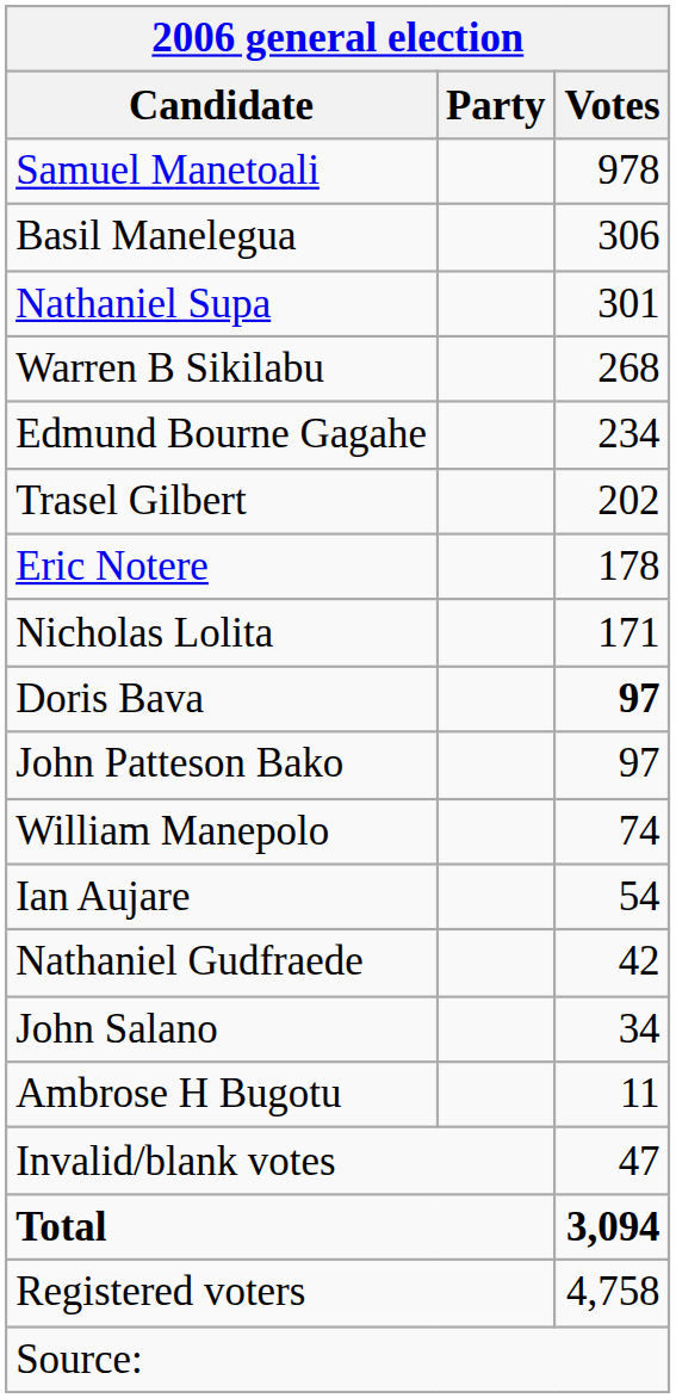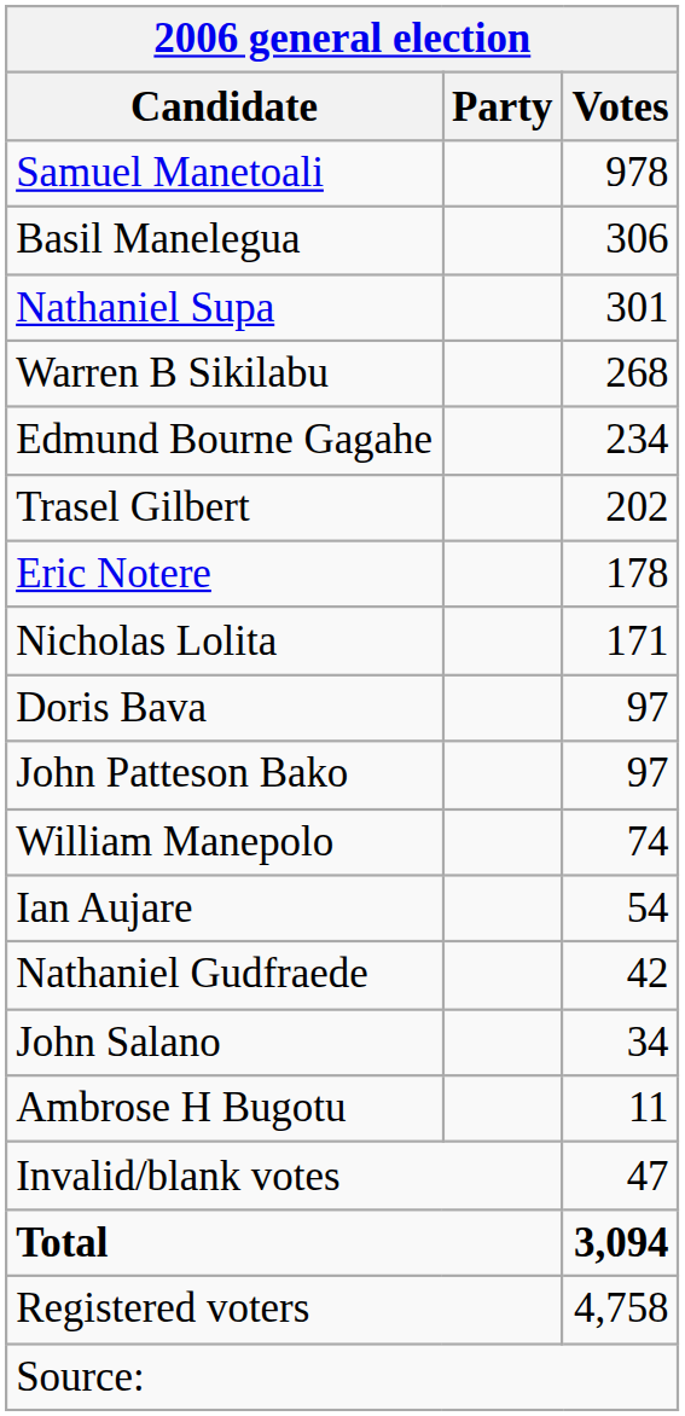 <table class=wikitable style=text-align:left>
 <tr>
 <th colspan=3><a href='#'>2006 general election</a></th>
 </tr>
 <tr>
 <th>Candidate</th>
 <th>Party</th>
 <th>Votes</th>
 </tr>
 <tr>
 <td><a href='#'>Samuel Manetoali</a></td>
 <td></td>
 <td align=right>978</td>
 </tr>
 <tr>
 <td>Basil Manelegua</td>
 <td></td>
 <td align=right>306</td>
 </tr>
 <tr>
 <td><a href='#'>Nathaniel Supa</a></td>
 <td></td>
 <td align=right>301</td>
 </tr>
 <tr>
 <td>Warren B Sikilabu</td>
 <td></td>
 <td align=right>268</td>
 </tr>
 <tr>
 <td>Edmund Bourne Gagahe</td>
 <td></td>
 <td align=right>234</td>
 </tr>
 <tr>
 <td>Trasel Gilbert</td>
 <td></td>
 <td align=right>202</td>
 </tr>
 <tr>
 <td><a href='#'>Eric Notere</a></td>
 <td></td>
 <td align=right>178</td>
 </tr>
 <tr>
 <td>Nicholas Lolita</td>
 <td></td>
 <td align=right>171</td>
 </tr>
 <tr>
 <td>Doris Bava</td>
 <td></td>
-<td align=right><strong>97</strong></td>
+<td align=right>97</td>
 </tr>
 <tr>
 <td>John Patteson Bako</td>
 <td></td>
 <td align=right>97</td>
 </tr>
 <tr>
 <td>William Manepolo</td>
 <td></td>
 <td align=right>74</td>
 </tr>
 <tr>
 <td>Ian Aujare</td>
 <td></td>
 <td align=right>54</td>
 </tr>
 <tr>
 <td>Nathaniel Gudfraede</td>
 <td></td>
 <td align=right>42</td>
 </tr>
 <tr>
 <td>John Salano</td>
 <td></td>
 <td align=right>34</td>
 </tr>
 <tr>
 <td>Ambrose H Bugotu</td>
 <td></td>
 <td align=right>11</td>
 </tr>
 <tr>
 <td colspan=2>Invalid/blank votes</td>
 <td align=right>47</td>
 </tr>
 <tr>
 <td colspan=2><strong>Total</strong></td>
 <td align=right><strong>3,094</strong></td>
 </tr>
 <tr>
 <td colspan=2>Registered voters</td>
 <td align=right>4,758</td>
 </tr>
 <tr>
 <td colspan=3>Source: </td>
 </tr>
 </table>
